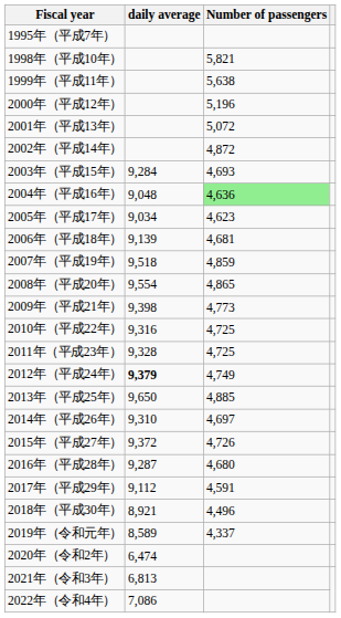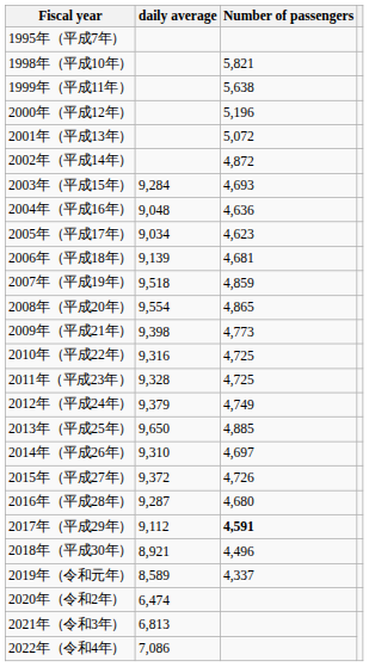 <table class="wikitable">
 <tr>
 <th>Fiscal year</th>
 <th>daily average</th>
 <th>Number of passengers</th>
 <th></th>
 </tr>
 <tr>
 <td>1995年（平成7年）</td>
 <td></td>
 <td></td>
 <td></td>
 </tr>
 <tr>
 <td>1998年（平成10年）</td>
 <td></td>
 <td>5,821</td>
 <td></td>
 </tr>
 <tr>
 <td>1999年（平成11年）</td>
 <td></td>
 <td>5,638</td>
 <td></td>
 </tr>
 <tr>
 <td>2000年（平成12年）</td>
 <td></td>
 <td>5,196</td>
 <td></td>
 </tr>
 <tr>
 <td>2001年（平成13年）</td>
 <td></td>
 <td>5,072</td>
 <td></td>
 </tr>
 <tr>
 <td>2002年（平成14年）</td>
 <td></td>
 <td>4,872</td>
 <td></td>
 </tr>
 <tr>
 <td>2003年（平成15年）</td>
 <td>9,284</td>
 <td>4,693</td>
 <td></td>
 </tr>
 <tr>
 <td>2004年（平成16年）</td>
 <td>9,048</td>
-<td style="background: lightgreen;">4,636</td>
+<td>4,636</td>
 <td></td>
 </tr>
 <tr>
 <td>2005年（平成17年）</td>
 <td>9,034</td>
 <td>4,623</td>
 <td></td>
 </tr>
 <tr>
 <td>2006年（平成18年）</td>
 <td>9,139</td>
 <td>4,681</td>
 <td></td>
 </tr>
 <tr>
 <td>2007年（平成19年）</td>
 <td>9,518</td>
 <td>4,859</td>
 <td></td>
 </tr>
 <tr>
 <td>2008年（平成20年）</td>
 <td>9,554</td>
 <td>4,865</td>
 <td></td>
 </tr>
 <tr>
 <td>2009年（平成21年）</td>
 <td>9,398</td>
 <td>4,773</td>
 <td></td>
 </tr>
 <tr>
 <td>2010年（平成22年）</td>
 <td>9,316</td>
 <td>4,725</td>
 <td></td>
 </tr>
 <tr>
 <td>2011年（平成23年）</td>
 <td>9,328</td>
 <td>4,725</td>
 <td></td>
 </tr>
 <tr>
 <td>2012年（平成24年）</td>
-<td><strong>9,379</strong></td>
+<td>9,379</td>
 <td>4,749</td>
 <td></td>
 </tr>
 <tr>
 <td>2013年（平成25年）</td>
 <td>9,650</td>
 <td>4,885</td>
 <td></td>
 </tr>
 <tr>
 <td>2014年（平成26年）</td>
 <td>9,310</td>
 <td>4,697</td>
 <td></td>
 </tr>
 <tr>
 <td>2015年（平成27年）</td>
 <td>9,372</td>
 <td>4,726</td>
 <td></td>
 </tr>
 <tr>
 <td>2016年（平成28年）</td>
 <td>9,287</td>
 <td>4,680</td>
 <td></td>
 </tr>
 <tr>
 <td>2017年（平成29年）</td>
 <td>9,112</td>
-<td>4,591</td>
+<td><strong>4,591</strong></td>
 <td></td>
 </tr>
 <tr>
 <td>2018年（平成30年）</td>
 <td>8,921</td>
 <td>4,496</td>
 <td></td>
 </tr>
 <tr>
 <td>2019年（令和元年）</td>
 <td>8,589</td>
 <td>4,337</td>
 <td></td>
 </tr>
 <tr>
 <td>2020年（令和2年）</td>
 <td>6,474</td>
 <td></td>
 <td></td>
 </tr>
 <tr>
 <td>2021年（令和3年）</td>
 <td>6,813</td>
 <td></td>
 </tr>
 <tr>
 <td>2022年（令和4年）</td>
 <td>7,086</td>
 <td></td>
 </tr>
 </table>
